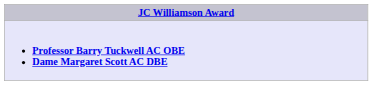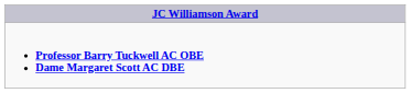 <table class=wikitable width="45%" border="1" cellpadding="5" cellspacing="0" align="centre">
 <tr>
 <th style="background:#C4C3D0;width:50%"><a href='#'>JC Williamson Award</a></th>
 </tr>
 <tr>
-<td valign="top" style="background: lavender;"><br><ul><li><a href='#'><strong>Professor Barry Tuckwell AC OBE</strong></a></li><li><a href='#'><strong>Dame Margaret Scott AC DBE</strong></a></li></ul></td>
+<td valign="top"><br><ul><li><a href='#'><strong>Professor Barry Tuckwell AC OBE</strong></a></li><li><a href='#'><strong>Dame Margaret Scott AC DBE</strong></a></li></ul></td>
 </tr>
 </table>
